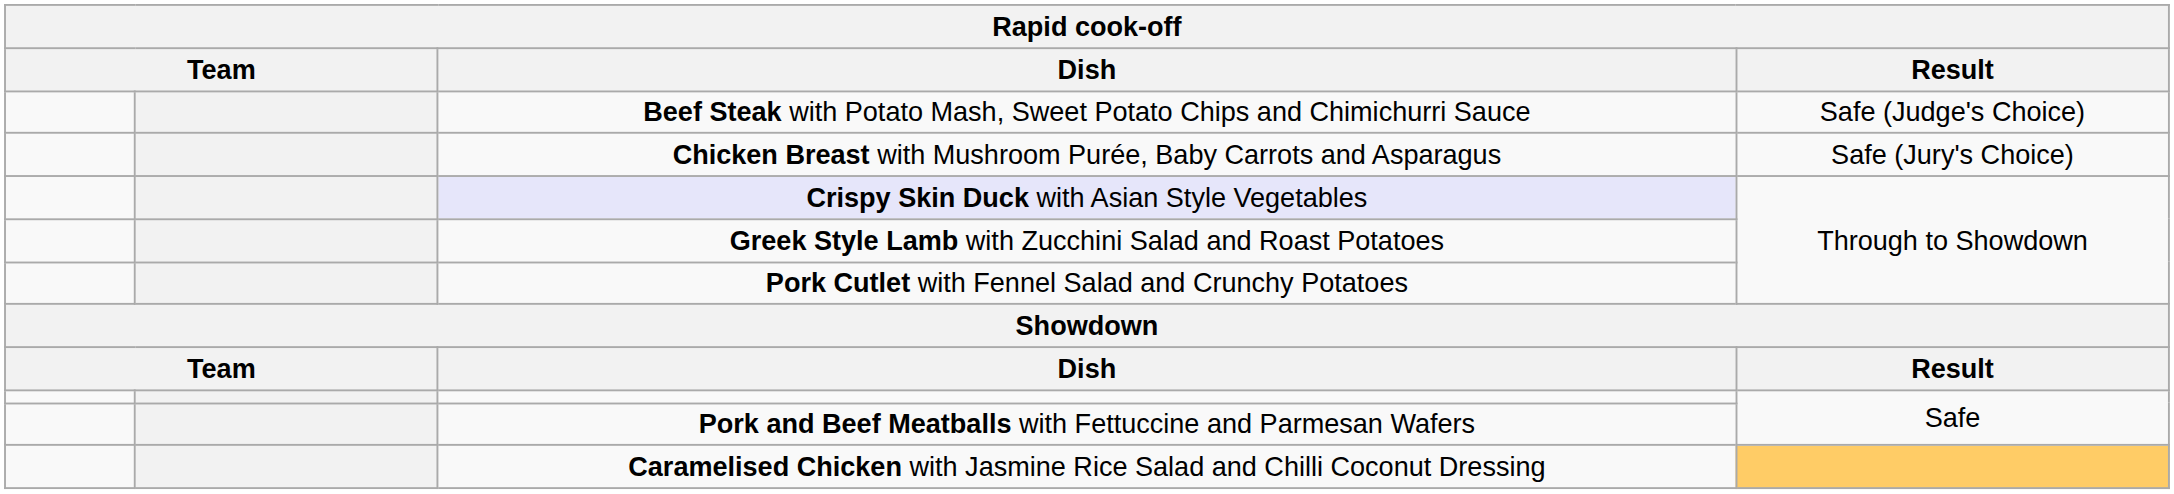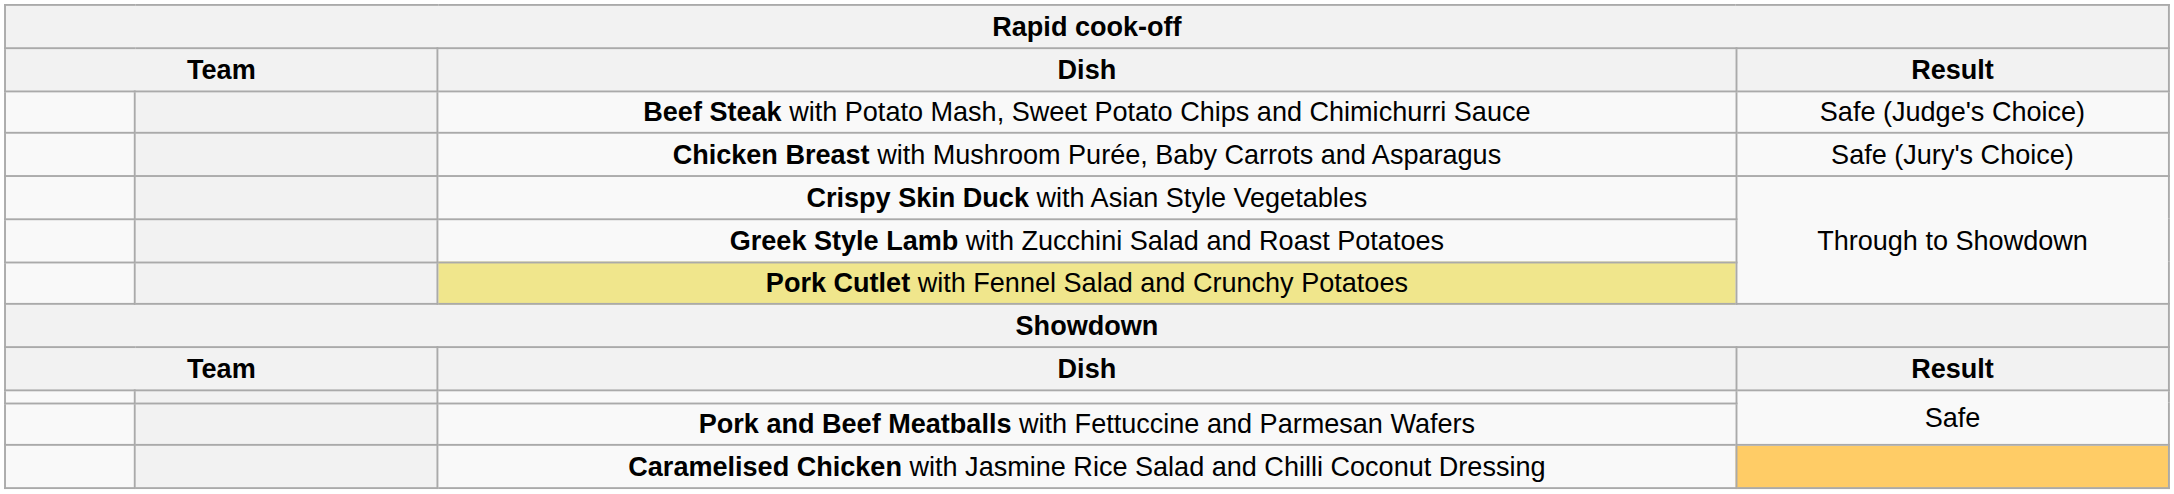 <table class="wikitable plainrowheaders" style="margin:1em auto; text-align:center; font-size:90%; width:80em;">
 <tr>
 <th colspan="4" >Rapid cook-off</th>
 </tr>
 <tr>
 <th style="width:20%;" colspan="2">Team</th>
 <th style="width:60%;">Dish</th>
 <th style="width:20%;">Result</th>
 </tr>
 <tr>
 <td></td>
 <th style="width:14%;"></th>
 <td><strong>Beef Steak</strong> with Potato Mash, Sweet Potato Chips and Chimichurri Sauce</td>
 <td>Safe (Judge's Choice)</td>
 </tr>
 <tr>
 <td></td>
 <th></th>
 <td><strong>Chicken Breast</strong> with Mushroom Purée, Baby Carrots and Asparagus</td>
 <td>Safe (Jury's Choice)</td>
 </tr>
 <tr>
 <td></td>
 <th></th>
-<td style="background: lavender;"><strong>Crispy Skin Duck</strong> with Asian Style Vegetables</td>
+<td><strong>Crispy Skin Duck</strong> with Asian Style Vegetables</td>
 <td rowspan="3">Through to Showdown</td>
 </tr>
 <tr>
 <td></td>
 <th></th>
 <td><strong>Greek Style Lamb</strong> with Zucchini Salad and Roast Potatoes</td>
 </tr>
 <tr>
 <td></td>
 <th></th>
-<td><strong>Pork Cutlet</strong> with Fennel Salad and Crunchy Potatoes</td>
+<td style="background: khaki;"><strong>Pork Cutlet</strong> with Fennel Salad and Crunchy Potatoes</td>
 </tr>
 <tr>
 <th colspan="4" >Showdown</th>
 </tr>
 <tr>
 <th style="width:20%;" colspan="2">Team</th>
 <th style="width:60%;">Dish</th>
 <th style="width:20%;">Result</th>
 </tr>
 <tr>
 <td></td>
 <th></th>
 <td></td>
 <td rowspan="2">Safe</td>
 </tr>
 <tr>
 <td></td>
 <th></th>
 <td><strong>Pork and Beef Meatballs</strong> with Fettuccine and Parmesan Wafers</td>
 </tr>
 <tr>
 <td></td>
 <th></th>
 <td><strong>Caramelised Chicken</strong> with Jasmine Rice Salad and Chilli Coconut Dressing</td>
 <td style="background:#fc6;"></td>
 </tr>
 </table>
